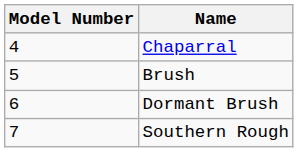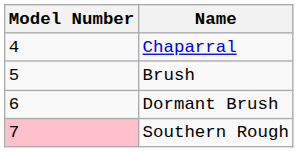 <table class="wikitable">
 <tr>
 <th>Model Number</th>
 <th>Name</th>
 </tr>
 <tr>
 <td>4</td>
 <td><a href='#'>Chaparral</a></td>
 </tr>
 <tr>
 <td>5</td>
 <td>Brush</td>
 </tr>
 <tr>
 <td>6</td>
 <td>Dormant Brush</td>
 </tr>
 <tr>
-<td>7</td>
+<td style="background: pink;">7</td>
 <td>Southern Rough</td>
 </tr>
 </table>
